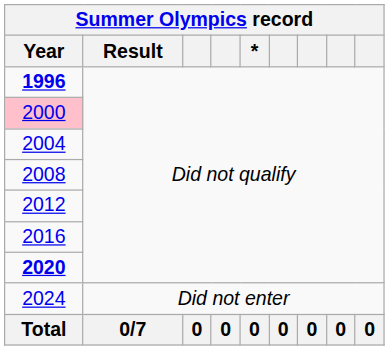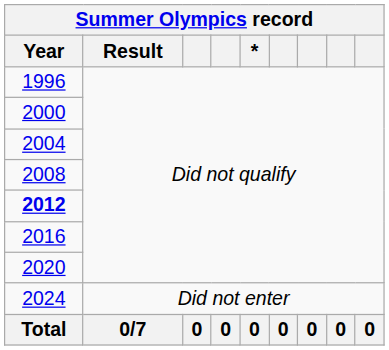 <table class="wikitable" style="text-align: center; width:50%;">
 <tr>
 <th colspan=10><a href='#'>Summer Olympics</a> record</th>
 </tr>
 <tr>
 <th>Year</th>
 <th>Result</th>
 <th></th>
 <th></th>
 <th>*</th>
 <th></th>
 <th></th>
 <th></th>
 <th></th>
 </tr>
 <tr>
-<td><strong> <a href='#'>1996</a></strong></td>
+<td> <a href='#'>1996</a></td>
 <td colspan=8 rowspan=7><em>Did not qualify</em></td>
 </tr>
 <tr>
-<td style="background: pink;"> <a href='#'>2000</a></td>
+<td> <a href='#'>2000</a></td>
 </tr>
 <tr>
 <td> <a href='#'>2004</a></td>
 </tr>
 <tr>
 <td> <a href='#'>2008</a></td>
 </tr>
 <tr>
-<td> <a href='#'>2012</a></td>
+<td><strong> <a href='#'>2012</a></strong></td>
 </tr>
 <tr>
 <td> <a href='#'>2016</a></td>
 </tr>
 <tr>
-<td><strong> <a href='#'>2020</a></strong></td>
+<td> <a href='#'>2020</a></td>
 </tr>
 <tr>
 <td> <a href='#'>2024</a></td>
 <td colspan=8><em>Did not enter</em></td>
 </tr>
 <tr>
 <th>Total</th>
 <th>0/7</th>
 <th>0</th>
 <th>0</th>
 <th>0</th>
 <th>0</th>
 <th>0</th>
 <th>0</th>
 <th>0</th>
 </tr>
 </table>
